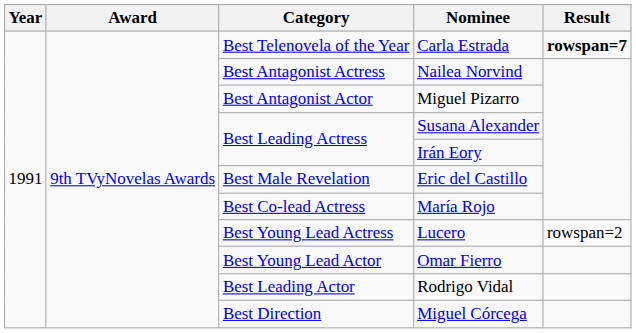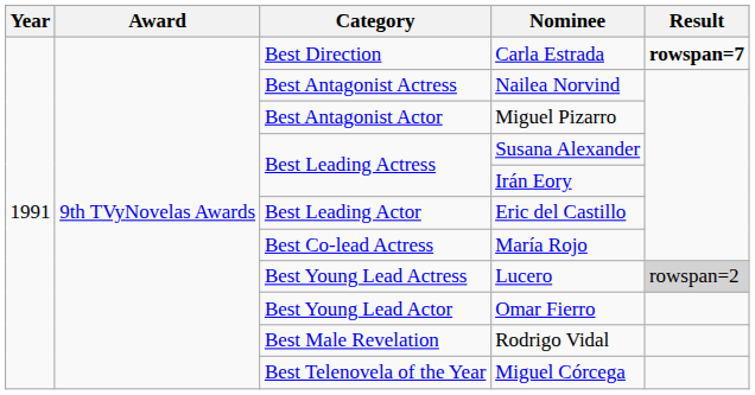 <table class="wikitable">
 <tr style="background:#b0c4de;">
 <th>Year</th>
 <th>Award</th>
 <th>Category</th>
 <th>Nominee</th>
 <th>Result</th>
 </tr>
 <tr>
 <td rowspan=11>1991</td>
 <td rowspan=11><a href='#'>9th TVyNovelas Awards</a></td>
-<td><a href='#'>Best Telenovela of the Year</a></td>
+<td><a href='#'>Best Direction</a></td>
 <td><a href='#'>Carla Estrada</a></td>
 <td><strong>rowspan=7 </strong></td>
 </tr>
 <tr>
 <td><a href='#'>Best Antagonist Actress</a></td>
 <td><a href='#'>Nailea Norvind</a></td>
 </tr>
 <tr>
 <td><a href='#'>Best Antagonist Actor</a></td>
 <td>Miguel Pizarro</td>
 </tr>
 <tr>
 <td rowspan=2><a href='#'>Best Leading Actress</a></td>
 <td><a href='#'>Susana Alexander</a></td>
 </tr>
 <tr>
 <td><a href='#'>Irán Eory</a></td>
 </tr>
 <tr>
-<td><a href='#'>Best Male Revelation</a></td>
+<td><a href='#'>Best Leading Actor</a></td>
 <td><a href='#'>Eric del Castillo</a></td>
 </tr>
 <tr>
 <td><a href='#'>Best Co-lead Actress</a></td>
 <td><a href='#'>María Rojo</a></td>
 </tr>
 <tr>
 <td><a href='#'>Best Young Lead Actress</a></td>
 <td><a href='#'>Lucero</a></td>
-<td>rowspan=2 </td>
+<td style="background: lightgrey;">rowspan=2 </td>
 </tr>
 <tr>
 <td><a href='#'>Best Young Lead Actor</a></td>
 <td><a href='#'>Omar Fierro</a></td>
 </tr>
 <tr>
-<td><a href='#'>Best Leading Actor</a></td>
+<td><a href='#'>Best Male Revelation</a></td>
 <td>Rodrigo Vidal</td>
 <td></td>
 </tr>
 <tr>
-<td><a href='#'>Best Direction</a></td>
+<td><a href='#'>Best Telenovela of the Year</a></td>
 <td><a href='#'>Miguel Córcega</a></td>
 <td></td>
 </tr>
 </table>
